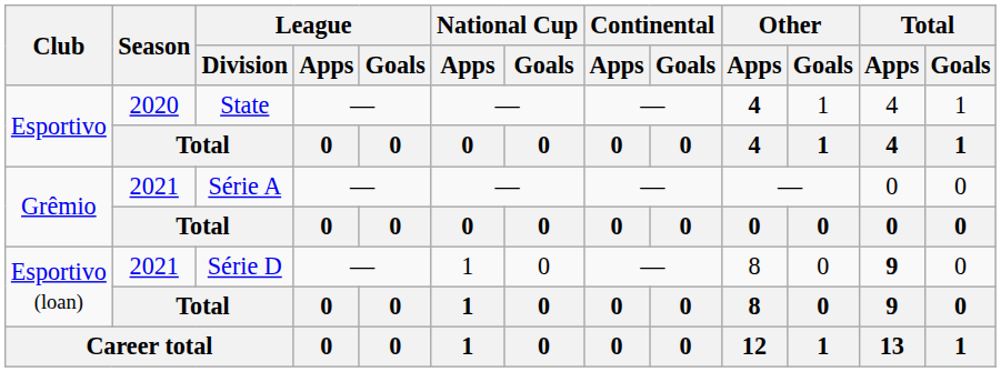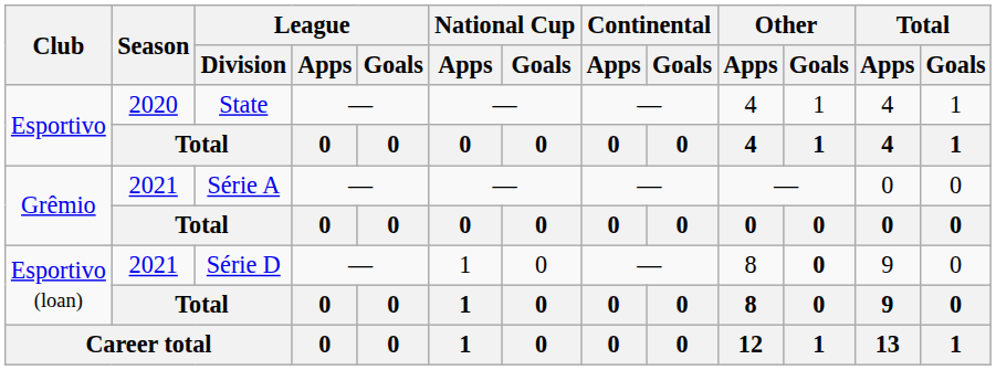 <table class="wikitable" style="text-align: center; font-size:96%">
 <tr>
 <th rowspan="2">Club</th>
 <th rowspan="2">Season</th>
 <th colspan="3">League</th>
 <th colspan="2">National Cup</th>
 <th colspan="2">Continental</th>
 <th colspan="2">Other</th>
 <th colspan="2">Total</th>
 </tr>
 <tr>
 <th>Division</th>
 <th>Apps</th>
 <th>Goals</th>
 <th>Apps</th>
 <th>Goals</th>
 <th>Apps</th>
 <th>Goals</th>
 <th>Apps</th>
 <th>Goals</th>
 <th>Apps</th>
 <th>Goals</th>
 </tr>
 <tr>
 <td rowspan=2><a href='#'>Esportivo</a></td>
 <td><a href='#'>2020</a></td>
 <td><a href='#'>State</a></td>
 <td colspan="2">—</td>
 <td colspan="2">—</td>
 <td colspan="2">—</td>
-<td><strong>4</strong></td>
+<td>4</td>
 <td>1</td>
 <td>4</td>
 <td>1</td>
 </tr>
 <tr>
 <th colspan=2>Total</th>
 <th>0</th>
 <th>0</th>
 <th>0</th>
 <th>0</th>
 <th>0</th>
 <th>0</th>
 <th>4</th>
 <th>1</th>
 <th>4</th>
 <th>1</th>
 </tr>
 <tr>
 <td rowspan=2><a href='#'>Grêmio</a></td>
 <td><a href='#'>2021</a></td>
 <td><a href='#'>Série A</a></td>
 <td colspan="2">—</td>
 <td colspan="2">—</td>
 <td colspan="2">—</td>
 <td colspan="2">—</td>
 <td>0</td>
 <td>0</td>
 </tr>
 <tr>
 <th colspan=2>Total</th>
 <th>0</th>
 <th>0</th>
 <th>0</th>
 <th>0</th>
 <th>0</th>
 <th>0</th>
 <th>0</th>
 <th>0</th>
 <th>0</th>
 <th>0</th>
 </tr>
 <tr>
 <td rowspan=2><a href='#'>Esportivo</a><br><small>(loan)</small></td>
 <td><a href='#'>2021</a></td>
 <td><a href='#'>Série D</a></td>
 <td colspan="2">—</td>
 <td>1</td>
 <td>0</td>
 <td colspan="2">—</td>
 <td>8</td>
-<td>0</td>
-<td><strong>9</strong></td>
+<td><strong>0</strong></td>
+<td>9</td>
 <td>0</td>
 </tr>
 <tr>
 <th colspan=2>Total</th>
 <th>0</th>
 <th>0</th>
 <th>1</th>
 <th>0</th>
 <th>0</th>
 <th>0</th>
 <th>8</th>
 <th>0</th>
 <th>9</th>
 <th>0</th>
 </tr>
 <tr>
 <th colspan="3"><strong>Career total</strong></th>
 <th>0</th>
 <th>0</th>
 <th>1</th>
 <th>0</th>
 <th>0</th>
 <th>0</th>
 <th>12</th>
 <th>1</th>
 <th>13</th>
 <th>1</th>
 </tr>
 </table>
